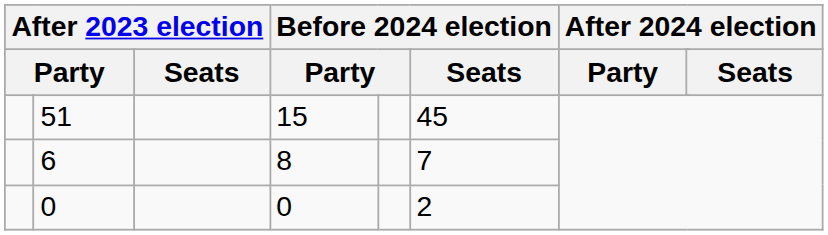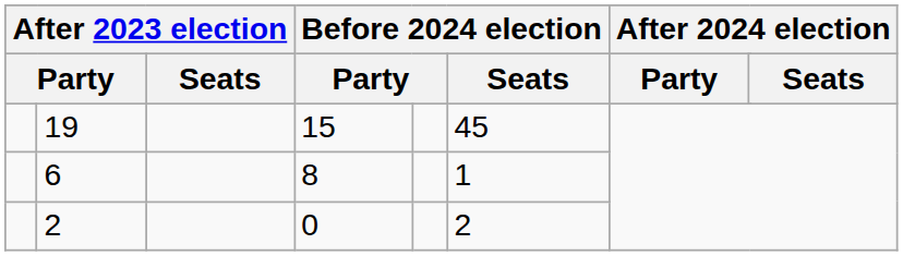 <table class="wikitable">
 <tr>
 <th colspan="3">After <a href='#'>2023 election</a></th>
 <th colspan="3">Before 2024 election</th>
 <th colspan="3">After 2024 election</th>
 </tr>
 <tr>
 <th colspan="2">Party</th>
 <th>Seats</th>
 <th colspan="2">Party</th>
 <th>Seats</th>
 <th colspan="2">Party</th>
 <th>Seats</th>
 </tr>
 <tr>
 <td></td>
-<td>51</td>
+<td>19</td>
 <td></td>
 <td>15</td>
 <td></td>
 <td>45</td>
 </tr>
 <tr>
 <td></td>
 <td>6</td>
 <td></td>
 <td>8</td>
 <td></td>
-<td>7</td>
+<td>1</td>
 </tr>
 <tr>
 <td></td>
-<td>0</td>
+<td>2</td>
 <td></td>
 <td>0</td>
 <td></td>
 <td>2</td>
 </tr>
 </table>
